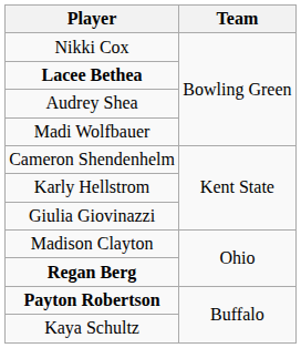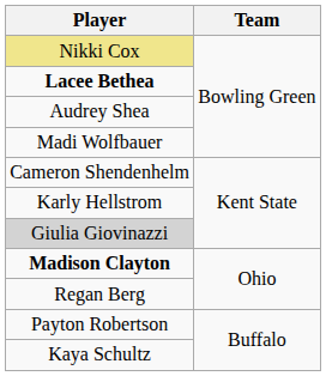 <table class="wikitable" style="text-align: center;">
 <tr>
 <th>Player</th>
 <th>Team</th>
 </tr>
 <tr>
-<td>Nikki Cox</td>
+<td style="background: khaki;">Nikki Cox</td>
 <td rowspan=4>Bowling Green</td>
 </tr>
 <tr>
 <td><strong>Lacee Bethea</strong></td>
 </tr>
 <tr>
 <td>Audrey Shea</td>
 </tr>
 <tr>
 <td>Madi Wolfbauer</td>
 </tr>
 <tr>
 <td>Cameron Shendenhelm</td>
 <td rowspan=3>Kent State</td>
 </tr>
 <tr>
 <td>Karly Hellstrom</td>
 </tr>
 <tr>
-<td>Giulia Giovinazzi</td>
+<td style="background: lightgrey;">Giulia Giovinazzi</td>
 </tr>
 <tr>
-<td>Madison Clayton</td>
+<td><strong>Madison Clayton</strong></td>
 <td rowspan=2>Ohio</td>
 </tr>
 <tr>
-<td><strong>Regan Berg</strong></td>
+<td>Regan Berg</td>
 </tr>
 <tr>
-<td><strong>Payton Robertson</strong></td>
+<td>Payton Robertson</td>
 <td rowspan=2>Buffalo</td>
 </tr>
 <tr>
 <td>Kaya Schultz</td>
 </tr>
 </table>
